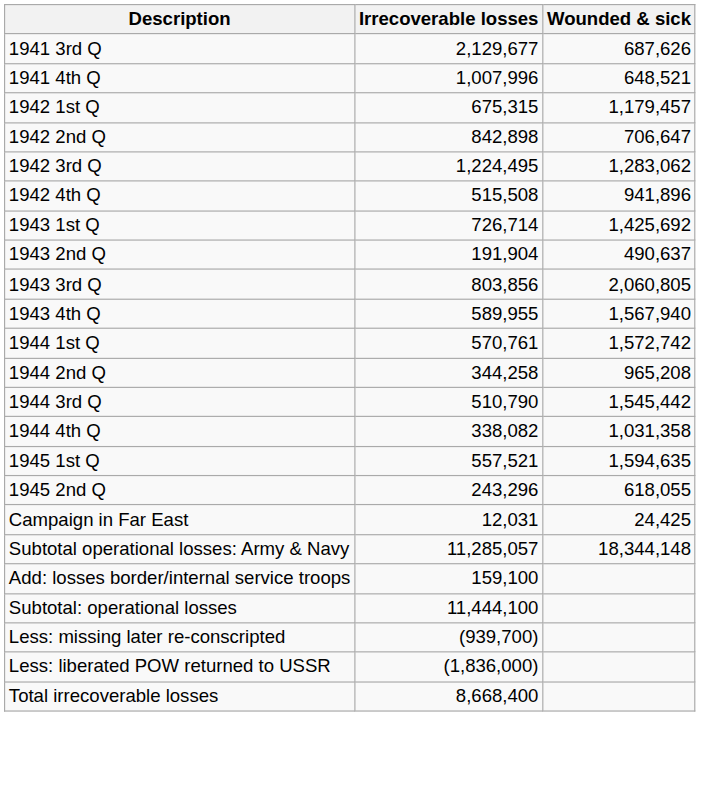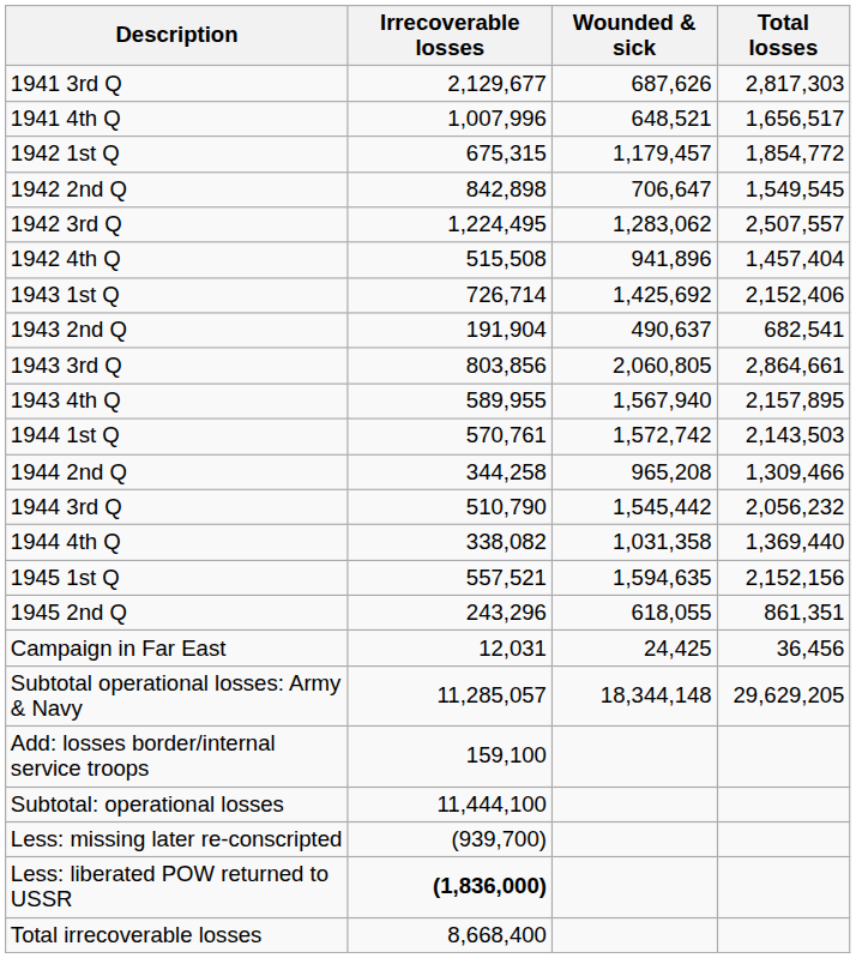 <table class="wikitable">
 <tr>
 <th>Description</th>
 <th>Irrecoverable losses</th>
 <th>Wounded & sick</th>
+<th>Total losses</th>
 </tr>
 <tr>
 <td>1941 3rd Q</td>
 <td style="text-align:right;">2,129,677</td>
 <td style="text-align:right;">687,626</td>
+<td style="text-align:right;">2,817,303</td>
 </tr>
 <tr>
 <td>1941 4th Q</td>
 <td style="text-align:right;">1,007,996</td>
 <td style="text-align:right;">648,521</td>
+<td style="text-align:right;">1,656,517</td>
 </tr>
 <tr>
 <td>1942 1st Q</td>
 <td style="text-align:right;">675,315</td>
 <td style="text-align:right;">1,179,457</td>
+<td style="text-align:right;">1,854,772</td>
 </tr>
 <tr>
 <td>1942 2nd Q</td>
 <td style="text-align:right;">842,898</td>
 <td style="text-align:right;">706,647</td>
+<td style="text-align:right;">1,549,545</td>
 </tr>
 <tr>
 <td>1942 3rd Q</td>
 <td style="text-align:right;">1,224,495</td>
 <td style="text-align:right;">1,283,062</td>
+<td style="text-align:right;">2,507,557</td>
 </tr>
 <tr>
 <td>1942 4th Q</td>
 <td style="text-align:right;">515,508</td>
 <td style="text-align:right;">941,896</td>
+<td style="text-align:right;">1,457,404</td>
 </tr>
 <tr>
 <td>1943 1st Q</td>
 <td style="text-align:right;">726,714</td>
 <td style="text-align:right;">1,425,692</td>
+<td style="text-align:right;">2,152,406</td>
 </tr>
 <tr>
 <td>1943 2nd Q</td>
 <td style="text-align:right;">191,904</td>
 <td style="text-align:right;">490,637</td>
+<td style="text-align:right;">682,541</td>
 </tr>
 <tr>
 <td>1943 3rd Q</td>
 <td style="text-align:right;">803,856</td>
 <td style="text-align:right;">2,060,805</td>
+<td style="text-align:right;">2,864,661</td>
 </tr>
 <tr>
 <td>1943 4th Q</td>
 <td style="text-align:right;">589,955</td>
 <td style="text-align:right;">1,567,940</td>
+<td style="text-align:right;">2,157,895</td>
 </tr>
 <tr>
 <td>1944 1st Q</td>
 <td style="text-align:right;">570,761</td>
 <td style="text-align:right;">1,572,742</td>
+<td style="text-align:right;">2,143,503</td>
 </tr>
 <tr>
 <td>1944 2nd Q</td>
 <td style="text-align:right;">344,258</td>
 <td style="text-align:right;">965,208</td>
+<td style="text-align:right;">1,309,466</td>
 </tr>
 <tr>
 <td>1944 3rd Q</td>
 <td style="text-align:right;">510,790</td>
 <td style="text-align:right;">1,545,442</td>
+<td style="text-align:right;">2,056,232</td>
 </tr>
 <tr>
 <td>1944 4th Q</td>
 <td style="text-align:right;">338,082</td>
 <td style="text-align:right;">1,031,358</td>
+<td style="text-align:right;">1,369,440</td>
 </tr>
 <tr>
 <td>1945 1st Q</td>
 <td style="text-align:right;">557,521</td>
 <td style="text-align:right;">1,594,635</td>
+<td style="text-align:right;">2,152,156</td>
 </tr>
 <tr>
 <td>1945 2nd Q</td>
 <td style="text-align:right;">243,296</td>
 <td style="text-align:right;">618,055</td>
+<td style="text-align:right;">861,351</td>
 </tr>
 <tr>
 <td>Campaign in Far East</td>
 <td style="text-align:right;">12,031</td>
 <td style="text-align:right;">24,425</td>
+<td style="text-align:right;">36,456</td>
 </tr>
 <tr>
 <td>Subtotal operational losses: Army & Navy</td>
 <td style="text-align:right;">11,285,057</td>
 <td style="text-align:right;">18,344,148</td>
+<td style="text-align:right;">29,629,205</td>
 </tr>
 <tr>
 <td>Add: losses border/internal service troops</td>
 <td style="text-align:right;">159,100</td>
+<td></td>
 <td></td>
 </tr>
 <tr>
 <td>Subtotal: operational losses</td>
 <td style="text-align:right;">11,444,100</td>
 <td></td>
+<td></td>
 </tr>
 <tr>
 <td>Less: missing later re-conscripted</td>
 <td style="text-align:right;">(939,700)</td>
 <td></td>
+<td></td>
 </tr>
 <tr>
 <td>Less: liberated POW returned to USSR</td>
-<td style="text-align:right;">(1,836,000)</td>
+<td style="text-align:right;"><strong>(1,836,000)</strong></td>
+<td></td>
 <td></td>
 </tr>
 <tr>
 <td>Total irrecoverable losses</td>
 <td style="text-align:right;">8,668,400</td>
 <td></td>
+<td></td>
 </tr>
 </table>
